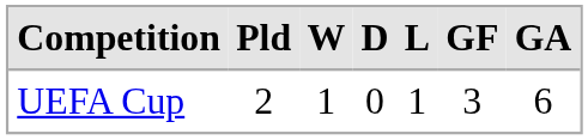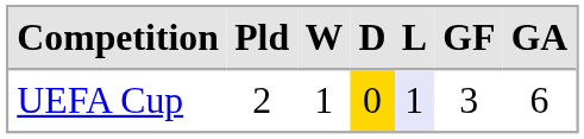 <table align=center cellspacing="0" cellpadding="3" style="border:1px solid #AAAAAA;font-size:90%">
 <tr bgcolor="#E4E4E4">
 <th style="border-bottom:1px solid #AAAAAA">Competition</th>
 <th style="border-bottom:1px solid #AAAAAA" align="center">Pld</th>
 <th style="border-bottom:1px solid #AAAAAA" align="center">W</th>
 <th style="border-bottom:1px solid #AAAAAA" align="center">D</th>
 <th style="border-bottom:1px solid #AAAAAA" align="center">L</th>
 <th style="border-bottom:1px solid #AAAAAA" align="center">GF</th>
 <th style="border-bottom:1px solid #AAAAAA" align="center">GA</th>
 </tr>
 <tr>
 <td><a href='#'>UEFA Cup</a></td>
 <td align="center">2</td>
 <td align="center">1</td>
-<td align="center">0</td>
-<td align="center">1</td>
+<td align="center" style="background: gold;">0</td>
+<td align="center" style="background: lavender;">1</td>
 <td align="center">3</td>
 <td align="center">6</td>
 </tr>
 <tr>
 </tr>
 </table>
